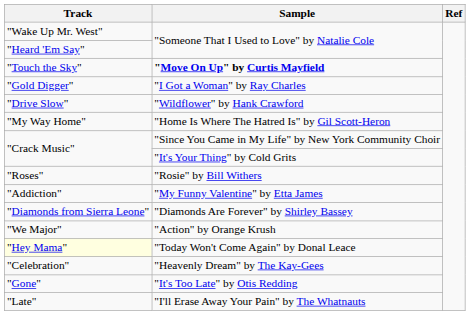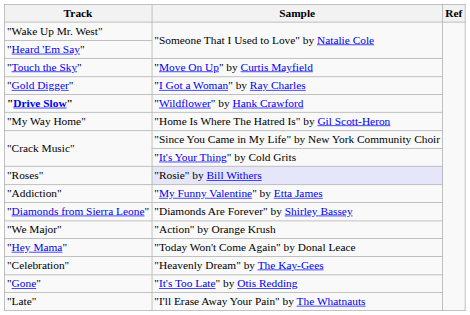 <table class="wikitable">
 <tr>
 <th>Track</th>
 <th>Sample</th>
 <th>Ref</th>
 </tr>
 <tr>
 <td>"Wake Up Mr. West"</td>
 <td rowspan="2">"Someone That I Used to Love" by <a href='#'>Natalie Cole</a></td>
 <td rowspan="16"></td>
 </tr>
 <tr>
 <td>"<a href='#'>Heard 'Em Say</a>"</td>
 </tr>
 <tr>
 <td>"<a href='#'>Touch the Sky</a>"</td>
-<td><strong>"<a href='#'>Move On Up</a>" by <a href='#'>Curtis Mayfield</a></strong></td>
+<td>"<a href='#'>Move On Up</a>" by <a href='#'>Curtis Mayfield</a></td>
 </tr>
 <tr>
 <td>"<a href='#'>Gold Digger</a>"</td>
 <td>"<a href='#'>I Got a Woman</a>" by <a href='#'>Ray Charles</a></td>
 </tr>
 <tr>
-<td>"<a href='#'>Drive Slow</a>"</td>
+<td><strong>"<a href='#'>Drive Slow</a>"</strong></td>
 <td>"<a href='#'>Wildflower</a>" by <a href='#'>Hank Crawford</a></td>
 </tr>
 <tr>
 <td>"My Way Home"</td>
 <td>"Home Is Where The Hatred Is" by <a href='#'>Gil Scott-Heron</a></td>
 </tr>
 <tr>
 <td rowspan="2">"Crack Music"</td>
 <td>"Since You Came in My Life" by New York Community Choir</td>
 </tr>
 <tr>
 <td>"<a href='#'>It's Your Thing</a>" by Cold Grits</td>
 </tr>
 <tr>
 <td>"Roses"</td>
-<td>"Rosie" by <a href='#'>Bill Withers</a></td>
+<td style="background: lavender;">"Rosie" by <a href='#'>Bill Withers</a></td>
 </tr>
 <tr>
 <td>"Addiction"</td>
 <td>"<a href='#'>My Funny Valentine</a>" by <a href='#'>Etta James</a></td>
 </tr>
 <tr>
 <td>"<a href='#'>Diamonds from Sierra Leone</a>"</td>
 <td>"Diamonds Are Forever" by <a href='#'>Shirley Bassey</a></td>
 </tr>
 <tr>
 <td>"We Major"</td>
 <td>"Action" by Orange Krush</td>
 </tr>
 <tr>
-<td style="background: lightyellow;">"<a href='#'>Hey Mama</a>"</td>
+<td>"<a href='#'>Hey Mama</a>"</td>
 <td>"Today Won't Come Again" by Donal Leace</td>
 </tr>
 <tr>
 <td>"Celebration"</td>
 <td>"Heavenly Dream" by <a href='#'>The Kay-Gees</a></td>
 </tr>
 <tr>
 <td>"<a href='#'>Gone</a>"</td>
 <td>"<a href='#'>It's Too Late</a>" by <a href='#'>Otis Redding</a></td>
 </tr>
 <tr>
 <td>"Late"</td>
 <td>"I'll Erase Away Your Pain" by <a href='#'>The Whatnauts</a></td>
 </tr>
 </table>
